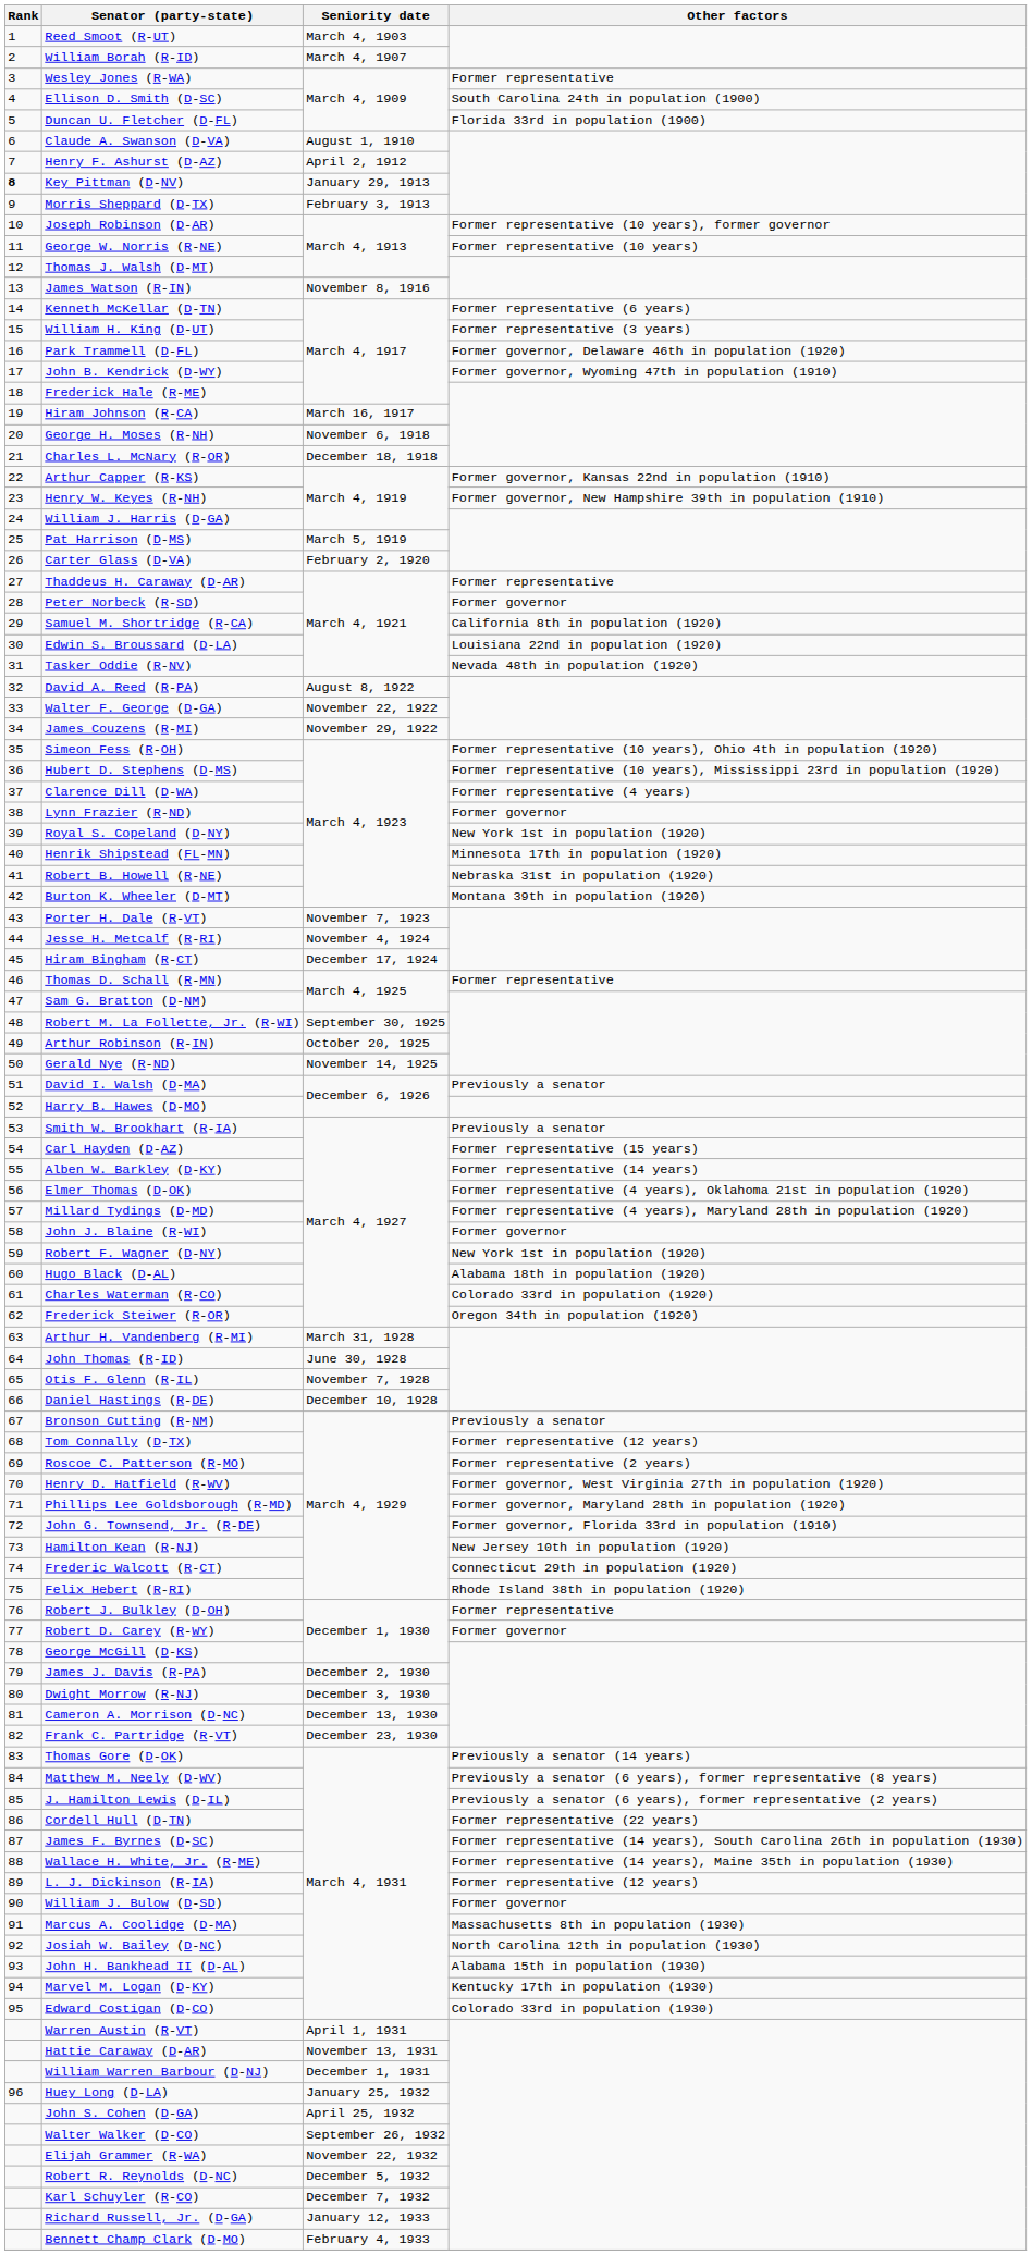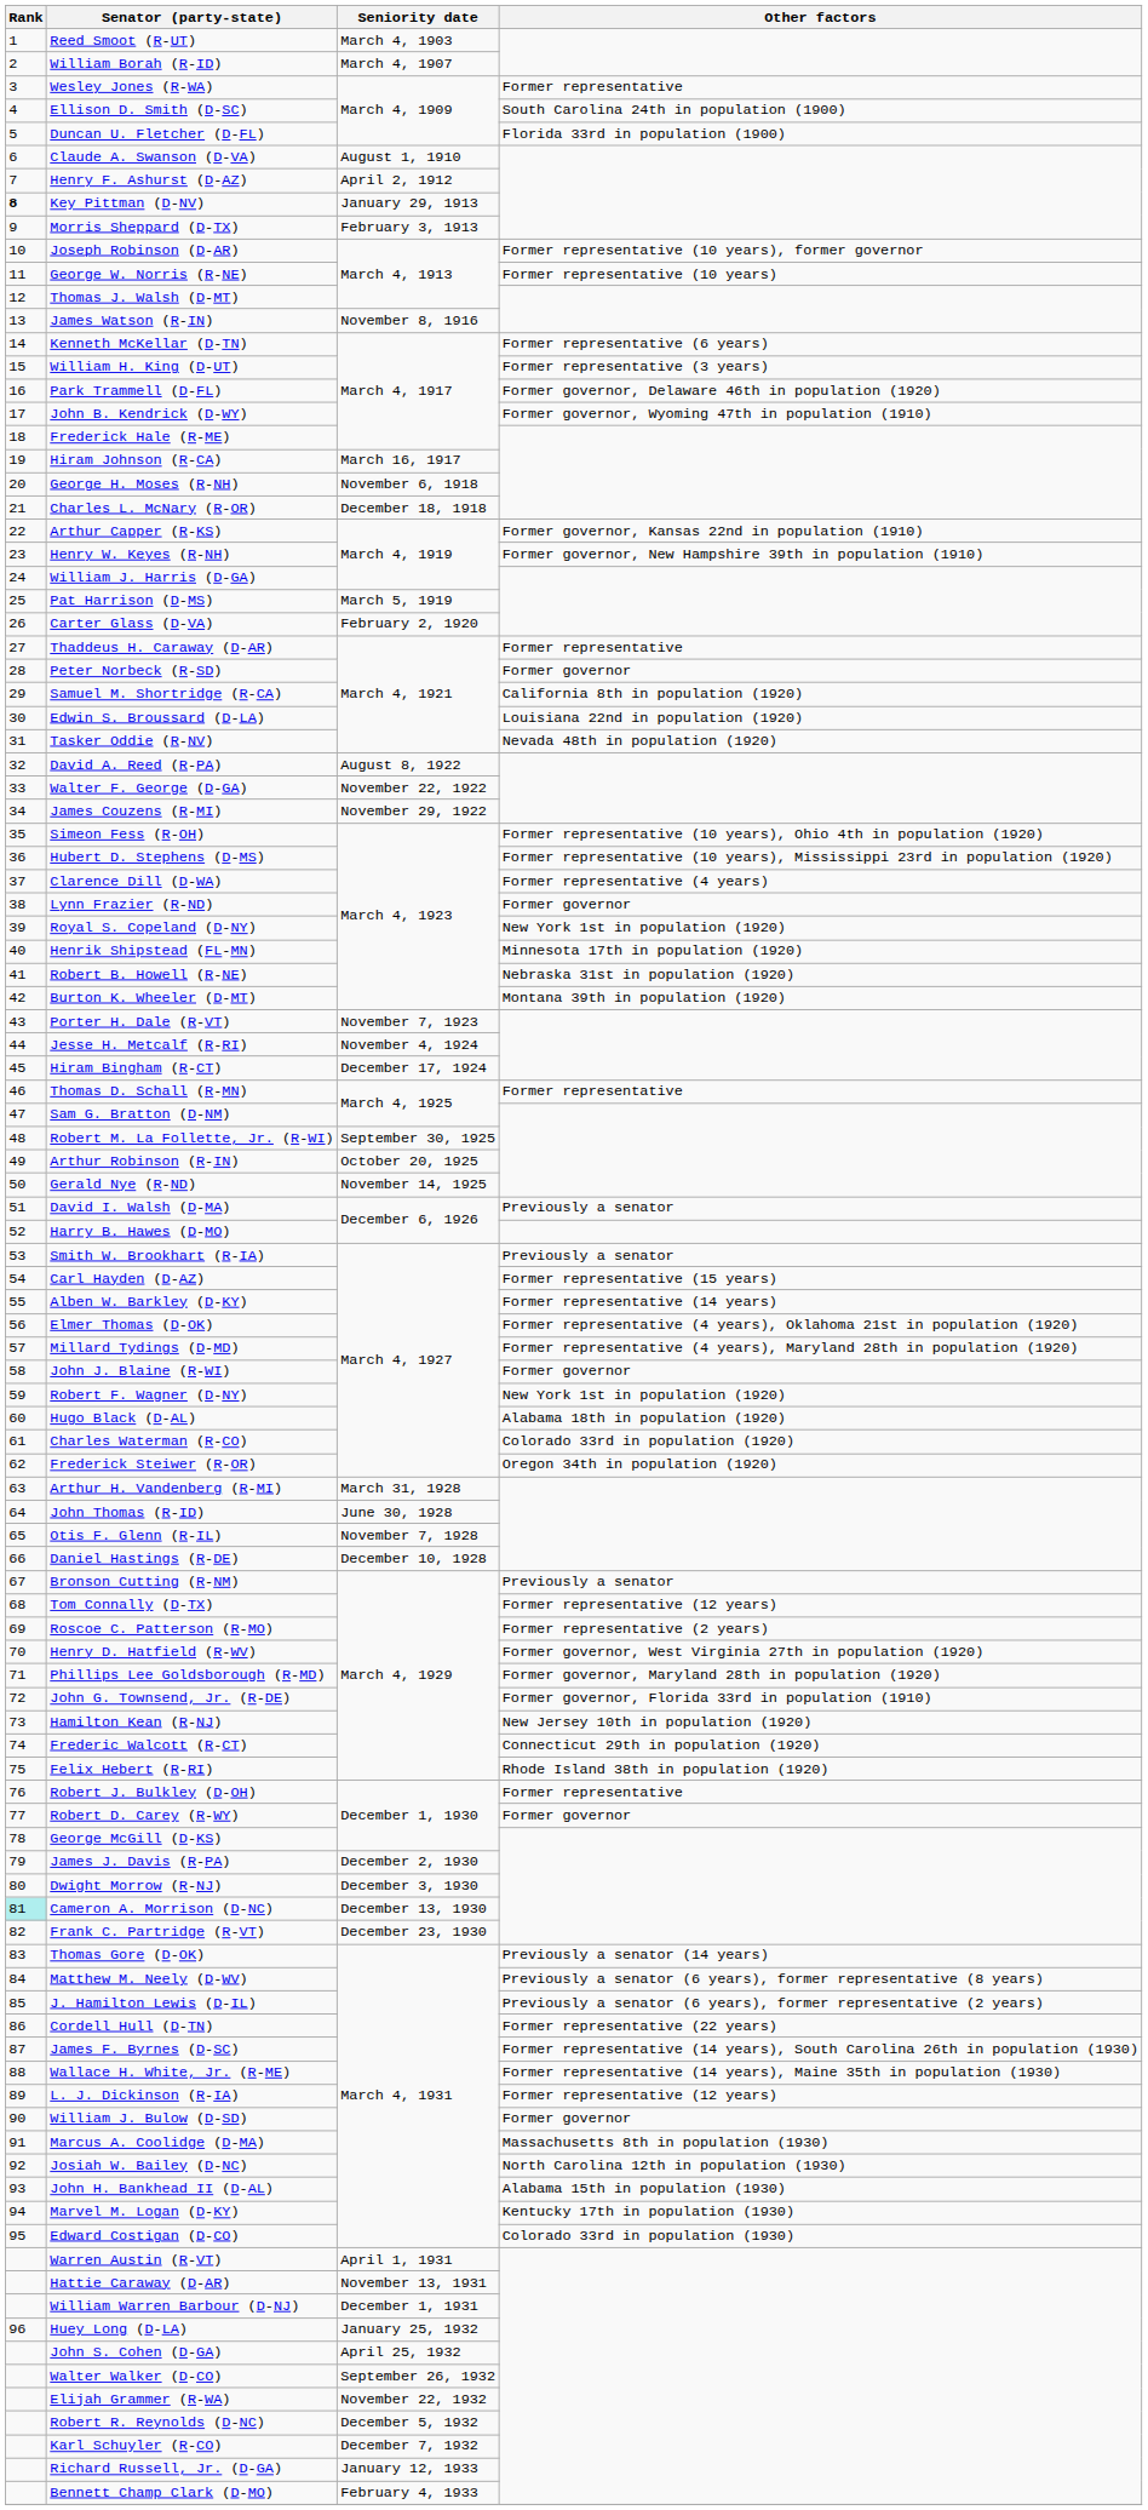 <table class=wikitable>
 <tr valign=bottom>
 <th>Rank</th>
 <th>Senator (party-state)</th>
 <th>Seniority date</th>
 <th>Other factors</th>
 </tr>
 <tr>
 <td>1</td>
 <td><a href='#'>Reed Smoot</a> (<a href='#'>R</a>-<a href='#'>UT</a>) </td>
 <td>March 4, 1903</td>
 <td rowspan=2></td>
 </tr>
 <tr>
 <td>2</td>
 <td><a href='#'>William Borah</a> (<a href='#'>R</a>-<a href='#'>ID</a>)</td>
 <td>March 4, 1907</td>
 </tr>
 <tr>
 <td>3</td>
 <td><a href='#'>Wesley Jones</a> (<a href='#'>R</a>-<a href='#'>WA</a>) </td>
 <td rowspan=3>March 4, 1909</td>
 <td>Former representative</td>
 </tr>
 <tr>
 <td>4</td>
 <td><a href='#'>Ellison D. Smith</a> (<a href='#'>D</a>-<a href='#'>SC</a>)</td>
 <td>South Carolina 24th in population (1900)</td>
 </tr>
 <tr>
 <td>5</td>
 <td><a href='#'>Duncan U. Fletcher</a> (<a href='#'>D</a>-<a href='#'>FL</a>)</td>
 <td>Florida 33rd in population (1900)</td>
 </tr>
 <tr>
 <td>6</td>
 <td><a href='#'>Claude A. Swanson</a> (<a href='#'>D</a>-<a href='#'>VA</a>) </td>
 <td>August 1, 1910</td>
 <td rowspan=4></td>
 </tr>
 <tr>
 <td>7</td>
 <td><a href='#'>Henry F. Ashurst</a> (<a href='#'>D</a>-<a href='#'>AZ</a>)</td>
 <td>April 2, 1912</td>
 </tr>
 <tr>
 <td><strong>8</strong></td>
 <td><a href='#'>Key Pittman</a> (<a href='#'>D</a>-<a href='#'>NV</a>)</td>
 <td>January 29, 1913</td>
 </tr>
 <tr>
 <td>9</td>
 <td><a href='#'>Morris Sheppard</a> (<a href='#'>D</a>-<a href='#'>TX</a>)</td>
 <td>February 3, 1913</td>
 </tr>
 <tr>
 <td>10</td>
 <td><a href='#'>Joseph Robinson</a> (<a href='#'>D</a>-<a href='#'>AR</a>)</td>
 <td rowspan=3>March 4, 1913</td>
 <td>Former representative (10 years), former governor</td>
 </tr>
 <tr>
 <td>11</td>
 <td><a href='#'>George W. Norris</a> (<a href='#'>R</a>-<a href='#'>NE</a>)</td>
 <td>Former representative (10 years)</td>
 </tr>
 <tr>
 <td>12</td>
 <td><a href='#'>Thomas J. Walsh</a> (<a href='#'>D</a>-<a href='#'>MT</a>) </td>
 <td rowspan=2></td>
 </tr>
 <tr>
 <td>13</td>
 <td><a href='#'>James Watson</a> (<a href='#'>R</a>-<a href='#'>IN</a>) </td>
 <td>November 8, 1916</td>
 </tr>
 <tr>
 <td>14</td>
 <td><a href='#'>Kenneth McKellar</a> (<a href='#'>D</a>-<a href='#'>TN</a>)</td>
 <td rowspan=5>March 4, 1917</td>
 <td>Former representative (6 years)</td>
 </tr>
 <tr>
 <td>15</td>
 <td><a href='#'>William H. King</a> (<a href='#'>D</a>-<a href='#'>UT</a>)</td>
 <td>Former representative (3 years)</td>
 </tr>
 <tr>
 <td>16</td>
 <td><a href='#'>Park Trammell</a> (<a href='#'>D</a>-<a href='#'>FL</a>)</td>
 <td>Former governor, Delaware 46th in population (1920)</td>
 </tr>
 <tr>
 <td>17</td>
 <td><a href='#'>John B. Kendrick</a> (<a href='#'>D</a>-<a href='#'>WY</a>)</td>
 <td>Former governor, Wyoming 47th in population (1910)</td>
 </tr>
 <tr>
 <td>18</td>
 <td><a href='#'>Frederick Hale</a> (<a href='#'>R</a>-<a href='#'>ME</a>)</td>
 <td rowspan=4></td>
 </tr>
 <tr>
 <td>19</td>
 <td><a href='#'>Hiram Johnson</a> (<a href='#'>R</a>-<a href='#'>CA</a>)</td>
 <td>March 16, 1917</td>
 </tr>
 <tr>
 <td>20</td>
 <td><a href='#'>George H. Moses</a> (<a href='#'>R</a>-<a href='#'>NH</a>) </td>
 <td>November 6, 1918</td>
 </tr>
 <tr>
 <td>21</td>
 <td><a href='#'>Charles L. McNary</a> (<a href='#'>R</a>-<a href='#'>OR</a>)</td>
 <td>December 18, 1918</td>
 </tr>
 <tr>
 <td>22</td>
 <td><a href='#'>Arthur Capper</a> (<a href='#'>R</a>-<a href='#'>KS</a>)</td>
 <td rowspan=3>March 4, 1919</td>
 <td>Former governor, Kansas 22nd in population (1910)</td>
 </tr>
 <tr>
 <td>23</td>
 <td><a href='#'>Henry W. Keyes</a> (<a href='#'>R</a>-<a href='#'>NH</a>)</td>
 <td>Former governor, New Hampshire 39th in population (1910)</td>
 </tr>
 <tr>
 <td>24</td>
 <td><a href='#'>William J. Harris</a> (<a href='#'>D</a>-<a href='#'>GA</a>) </td>
 <td rowspan=3></td>
 </tr>
 <tr>
 <td>25</td>
 <td><a href='#'>Pat Harrison</a> (<a href='#'>D</a>-<a href='#'>MS</a>)</td>
 <td>March 5, 1919</td>
 </tr>
 <tr>
 <td>26</td>
 <td><a href='#'>Carter Glass</a> (<a href='#'>D</a>-<a href='#'>VA</a>)</td>
 <td>February 2, 1920</td>
 </tr>
 <tr>
 <td>27</td>
 <td><a href='#'>Thaddeus H. Caraway</a> (<a href='#'>D</a>-<a href='#'>AR</a>) </td>
 <td rowspan=5>March 4, 1921</td>
 <td>Former representative</td>
 </tr>
 <tr>
 <td>28</td>
 <td><a href='#'>Peter Norbeck</a> (<a href='#'>R</a>-<a href='#'>SD</a>)</td>
 <td>Former governor</td>
 </tr>
 <tr>
 <td>29</td>
 <td><a href='#'>Samuel M. Shortridge</a> (<a href='#'>R</a>-<a href='#'>CA</a>) </td>
 <td>California 8th in population (1920)</td>
 </tr>
 <tr>
 <td>30</td>
 <td><a href='#'>Edwin S. Broussard</a> (<a href='#'>D</a>-<a href='#'>LA</a>) </td>
 <td>Louisiana 22nd in population (1920)</td>
 </tr>
 <tr>
 <td>31</td>
 <td><a href='#'>Tasker Oddie</a> (<a href='#'>R</a>-<a href='#'>NV</a>) </td>
 <td>Nevada 48th in population (1920)</td>
 </tr>
 <tr>
 <td>32</td>
 <td><a href='#'>David A. Reed</a> (<a href='#'>R</a>-<a href='#'>PA</a>)</td>
 <td>August 8, 1922</td>
 <td rowspan=3></td>
 </tr>
 <tr>
 <td>33</td>
 <td><a href='#'>Walter F. George</a> (<a href='#'>D</a>-<a href='#'>GA</a>)</td>
 <td>November 22, 1922</td>
 </tr>
 <tr>
 <td>34</td>
 <td><a href='#'>James Couzens</a> (<a href='#'>R</a>-<a href='#'>MI</a>)</td>
 <td>November 29, 1922</td>
 </tr>
 <tr>
 <td>35</td>
 <td><a href='#'>Simeon Fess</a> (<a href='#'>R</a>-<a href='#'>OH</a>)</td>
 <td rowspan=8>March 4, 1923</td>
 <td>Former representative (10 years), Ohio 4th in population (1920)</td>
 </tr>
 <tr>
 <td>36</td>
 <td><a href='#'>Hubert D. Stephens</a> (<a href='#'>D</a>-<a href='#'>MS</a>)</td>
 <td>Former representative (10 years), Mississippi 23rd in population (1920)</td>
 </tr>
 <tr>
 <td>37</td>
 <td><a href='#'>Clarence Dill</a> (<a href='#'>D</a>-<a href='#'>WA</a>)</td>
 <td>Former representative (4 years)</td>
 </tr>
 <tr>
 <td>38</td>
 <td><a href='#'>Lynn Frazier</a> (<a href='#'>R</a>-<a href='#'>ND</a>)</td>
 <td>Former governor</td>
 </tr>
 <tr>
 <td>39</td>
 <td><a href='#'>Royal S. Copeland</a> (<a href='#'>D</a>-<a href='#'>NY</a>)</td>
 <td>New York 1st in population (1920)</td>
 </tr>
 <tr>
 <td>40</td>
 <td><a href='#'>Henrik Shipstead</a> (<a href='#'>FL</a>-<a href='#'>MN</a>)</td>
 <td>Minnesota 17th in population (1920)</td>
 </tr>
 <tr>
 <td>41</td>
 <td><a href='#'>Robert B. Howell</a> (<a href='#'>R</a>-<a href='#'>NE</a>)</td>
 <td>Nebraska 31st in population (1920)</td>
 </tr>
 <tr>
 <td>42</td>
 <td><a href='#'>Burton K. Wheeler</a> (<a href='#'>D</a>-<a href='#'>MT</a>)</td>
 <td>Montana 39th in population (1920)</td>
 </tr>
 <tr>
 <td>43</td>
 <td><a href='#'>Porter H. Dale</a> (<a href='#'>R</a>-<a href='#'>VT</a>)</td>
 <td>November 7, 1923</td>
 <td rowspan=3></td>
 </tr>
 <tr>
 <td>44</td>
 <td><a href='#'>Jesse H. Metcalf</a> (<a href='#'>R</a>-<a href='#'>RI</a>)</td>
 <td>November 4, 1924</td>
 </tr>
 <tr>
 <td>45</td>
 <td><a href='#'>Hiram Bingham</a> (<a href='#'>R</a>-<a href='#'>CT</a>) </td>
 <td>December 17, 1924</td>
 </tr>
 <tr>
 <td>46</td>
 <td><a href='#'>Thomas D. Schall</a> (<a href='#'>R</a>-<a href='#'>MN</a>)</td>
 <td rowspan=2>March 4, 1925</td>
 <td>Former representative</td>
 </tr>
 <tr>
 <td>47</td>
 <td><a href='#'>Sam G. Bratton</a> (<a href='#'>D</a>-<a href='#'>NM</a>)</td>
 <td rowspan=4></td>
 </tr>
 <tr>
 <td>48</td>
 <td><a href='#'>Robert M. La Follette, Jr.</a> (<a href='#'>R</a>-<a href='#'>WI</a>)</td>
 <td>September 30, 1925</td>
 </tr>
 <tr>
 <td>49</td>
 <td><a href='#'>Arthur Robinson</a> (<a href='#'>R</a>-<a href='#'>IN</a>)</td>
 <td>October 20, 1925</td>
 </tr>
 <tr>
 <td>50</td>
 <td><a href='#'>Gerald Nye</a> (<a href='#'>R</a>-<a href='#'>ND</a>)</td>
 <td>November 14, 1925</td>
 </tr>
 <tr>
 <td>51</td>
 <td><a href='#'>David I. Walsh</a> (<a href='#'>D</a>-<a href='#'>MA</a>)</td>
 <td rowspan=2>December 6, 1926</td>
 <td>Previously a senator</td>
 </tr>
 <tr>
 <td>52</td>
 <td><a href='#'>Harry B. Hawes</a> (<a href='#'>D</a>-<a href='#'>MO</a>) </td>
 </tr>
 <tr>
 <td>53</td>
 <td><a href='#'>Smith W. Brookhart</a> (<a href='#'>R</a>-<a href='#'>IA</a>) </td>
 <td rowspan=10>March 4, 1927</td>
 <td>Previously a senator</td>
 </tr>
 <tr>
 <td>54</td>
 <td><a href='#'>Carl Hayden</a> (<a href='#'>D</a>-<a href='#'>AZ</a>)</td>
 <td>Former representative (15 years)</td>
 </tr>
 <tr>
 <td>55</td>
 <td><a href='#'>Alben W. Barkley</a> (<a href='#'>D</a>-<a href='#'>KY</a>)</td>
 <td>Former representative (14 years)</td>
 </tr>
 <tr>
 <td>56</td>
 <td><a href='#'>Elmer Thomas</a> (<a href='#'>D</a>-<a href='#'>OK</a>)</td>
 <td>Former representative (4 years), Oklahoma 21st in population (1920)</td>
 </tr>
 <tr>
 <td>57</td>
 <td><a href='#'>Millard Tydings</a> (<a href='#'>D</a>-<a href='#'>MD</a>)</td>
 <td>Former representative (4 years), Maryland 28th in population (1920)</td>
 </tr>
 <tr>
 <td>58</td>
 <td><a href='#'>John J. Blaine</a> (<a href='#'>R</a>-<a href='#'>WI</a>)  </td>
 <td>Former governor</td>
 </tr>
 <tr>
 <td>59</td>
 <td><a href='#'>Robert F. Wagner</a> (<a href='#'>D</a>-<a href='#'>NY</a>)</td>
 <td>New York 1st in population (1920)</td>
 </tr>
 <tr>
 <td>60</td>
 <td><a href='#'>Hugo Black</a> (<a href='#'>D</a>-<a href='#'>AL</a>)</td>
 <td>Alabama 18th in population (1920)</td>
 </tr>
 <tr>
 <td>61</td>
 <td><a href='#'>Charles Waterman</a> (<a href='#'>R</a>-<a href='#'>CO</a>) </td>
 <td>Colorado 33rd in population (1920)</td>
 </tr>
 <tr>
 <td>62</td>
 <td><a href='#'>Frederick Steiwer</a> (<a href='#'>R</a>-<a href='#'>OR</a>)</td>
 <td>Oregon 34th in population (1920)</td>
 </tr>
 <tr>
 <td>63</td>
 <td><a href='#'>Arthur H. Vandenberg</a> (<a href='#'>R</a>-<a href='#'>MI</a>)</td>
 <td>March 31, 1928</td>
 <td rowspan=4></td>
 </tr>
 <tr>
 <td>64</td>
 <td><a href='#'>John Thomas</a> (<a href='#'>R</a>-<a href='#'>ID</a>) </td>
 <td>June 30, 1928</td>
 </tr>
 <tr>
 <td>65</td>
 <td><a href='#'>Otis F. Glenn</a> (<a href='#'>R</a>-<a href='#'>IL</a>) </td>
 <td>November 7, 1928</td>
 </tr>
 <tr>
 <td>66</td>
 <td><a href='#'>Daniel Hastings</a> (<a href='#'>R</a>-<a href='#'>DE</a>)</td>
 <td>December 10, 1928</td>
 </tr>
 <tr>
 <td>67</td>
 <td><a href='#'>Bronson Cutting</a> (<a href='#'>R</a>-<a href='#'>NM</a>)</td>
 <td rowspan=9>March 4, 1929</td>
 <td>Previously a senator</td>
 </tr>
 <tr>
 <td>68</td>
 <td><a href='#'>Tom Connally</a> (<a href='#'>D</a>-<a href='#'>TX</a>)</td>
 <td>Former representative (12 years)</td>
 </tr>
 <tr>
 <td>69</td>
 <td><a href='#'>Roscoe C. Patterson</a> (<a href='#'>R</a>-<a href='#'>MO</a>)</td>
 <td>Former representative (2 years)</td>
 </tr>
 <tr>
 <td>70</td>
 <td><a href='#'>Henry D. Hatfield</a> (<a href='#'>R</a>-<a href='#'>WV</a>)</td>
 <td>Former governor, West Virginia 27th in population (1920)</td>
 </tr>
 <tr>
 <td>71</td>
 <td><a href='#'>Phillips Lee Goldsborough</a> (<a href='#'>R</a>-<a href='#'>MD</a>)</td>
 <td>Former governor, Maryland 28th in population (1920)</td>
 </tr>
 <tr>
 <td>72</td>
 <td><a href='#'>John G. Townsend, Jr.</a> (<a href='#'>R</a>-<a href='#'>DE</a>)</td>
 <td>Former governor, Florida 33rd in population (1910)</td>
 </tr>
 <tr>
 <td>73</td>
 <td><a href='#'>Hamilton Kean</a> (<a href='#'>R</a>-<a href='#'>NJ</a>)</td>
 <td>New Jersey 10th in population (1920)</td>
 </tr>
 <tr>
 <td>74</td>
 <td><a href='#'>Frederic Walcott</a> (<a href='#'>R</a>-<a href='#'>CT</a>)</td>
 <td>Connecticut 29th in population (1920)</td>
 </tr>
 <tr>
 <td>75</td>
 <td><a href='#'>Felix Hebert</a> (<a href='#'>R</a>-<a href='#'>RI</a>)</td>
 <td>Rhode Island 38th in population (1920)</td>
 </tr>
 <tr>
 <td>76</td>
 <td><a href='#'>Robert J. Bulkley</a> (<a href='#'>D</a>-<a href='#'>OH</a>)</td>
 <td rowspan=3>December 1, 1930</td>
 <td>Former representative</td>
 </tr>
 <tr>
 <td>77</td>
 <td><a href='#'>Robert D. Carey</a> (<a href='#'>R</a>-<a href='#'>WY</a>)</td>
 <td>Former governor</td>
 </tr>
 <tr>
 <td>78</td>
 <td><a href='#'>George McGill</a> (<a href='#'>D</a>-<a href='#'>KS</a>)</td>
 <td rowspan=5></td>
 </tr>
 <tr>
 <td>79</td>
 <td><a href='#'>James J. Davis</a> (<a href='#'>R</a>-<a href='#'>PA</a>)</td>
 <td>December 2, 1930</td>
 </tr>
 <tr>
 <td>80</td>
 <td><a href='#'>Dwight Morrow</a> (<a href='#'>R</a>-<a href='#'>NJ</a>) </td>
 <td>December 3, 1930</td>
 </tr>
 <tr>
-<td>81</td>
+<td style="background: paleturquoise;">81</td>
 <td><a href='#'>Cameron A. Morrison</a> (<a href='#'>D</a>-<a href='#'>NC</a>) </td>
 <td>December 13, 1930</td>
 </tr>
 <tr>
 <td>82</td>
 <td><a href='#'>Frank C. Partridge</a> (<a href='#'>R</a>-<a href='#'>VT</a>) </td>
 <td>December 23, 1930</td>
 </tr>
 <tr>
 <td>83</td>
 <td><a href='#'>Thomas Gore</a> (<a href='#'>D</a>-<a href='#'>OK</a>)</td>
 <td rowspan=13>March 4, 1931</td>
 <td>Previously a senator (14 years)</td>
 </tr>
 <tr>
 <td>84</td>
 <td><a href='#'>Matthew M. Neely</a> (<a href='#'>D</a>-<a href='#'>WV</a>)</td>
 <td>Previously a senator (6 years), former representative (8 years)</td>
 </tr>
 <tr>
 <td>85</td>
 <td><a href='#'>J. Hamilton Lewis</a> (<a href='#'>D</a>-<a href='#'>IL</a>)</td>
 <td>Previously a senator (6 years), former representative (2 years)</td>
 </tr>
 <tr>
 <td>86</td>
 <td><a href='#'>Cordell Hull</a> (<a href='#'>D</a>-<a href='#'>TN</a>) </td>
 <td>Former representative (22 years)</td>
 </tr>
 <tr>
 <td>87</td>
 <td><a href='#'>James F. Byrnes</a> (<a href='#'>D</a>-<a href='#'>SC</a>)</td>
 <td>Former representative (14 years), South Carolina 26th in population (1930)</td>
 </tr>
 <tr>
 <td>88</td>
 <td><a href='#'>Wallace H. White, Jr.</a> (<a href='#'>R</a>-<a href='#'>ME</a>)</td>
 <td>Former representative (14 years), Maine 35th in population (1930)</td>
 </tr>
 <tr>
 <td>89</td>
 <td><a href='#'>L. J. Dickinson</a> (<a href='#'>R</a>-<a href='#'>IA</a>)</td>
 <td>Former representative (12 years)</td>
 </tr>
 <tr>
 <td>90</td>
 <td><a href='#'>William J. Bulow</a> (<a href='#'>D</a>-<a href='#'>SD</a>)</td>
 <td>Former governor</td>
 </tr>
 <tr>
 <td>91</td>
 <td><a href='#'>Marcus A. Coolidge</a> (<a href='#'>D</a>-<a href='#'>MA</a>)</td>
 <td>Massachusetts 8th in population (1930)</td>
 </tr>
 <tr>
 <td>92</td>
 <td><a href='#'>Josiah W. Bailey</a> (<a href='#'>D</a>-<a href='#'>NC</a>)</td>
 <td>North Carolina 12th in population (1930)</td>
 </tr>
 <tr>
 <td>93</td>
 <td><a href='#'>John H. Bankhead II</a> (<a href='#'>D</a>-<a href='#'>AL</a>)</td>
 <td>Alabama 15th in population (1930)</td>
 </tr>
 <tr>
 <td>94</td>
 <td><a href='#'>Marvel M. Logan</a> (<a href='#'>D</a>-<a href='#'>KY</a>)</td>
 <td>Kentucky 17th in population (1930)</td>
 </tr>
 <tr>
 <td>95</td>
 <td><a href='#'>Edward Costigan</a> (<a href='#'>D</a>-<a href='#'>CO</a>)</td>
 <td>Colorado 33rd in population (1930)</td>
 </tr>
 <tr>
 <td></td>
 <td><a href='#'>Warren Austin</a> (<a href='#'>R</a>-<a href='#'>VT</a>)</td>
 <td>April 1, 1931</td>
 <td rowspan=11></td>
 </tr>
 <tr>
 <td></td>
 <td><a href='#'>Hattie Caraway</a> (<a href='#'>D</a>-<a href='#'>AR</a>)</td>
 <td>November 13, 1931</td>
 </tr>
 <tr>
 <td></td>
 <td><a href='#'>William Warren Barbour</a> (<a href='#'>D</a>-<a href='#'>NJ</a>)</td>
 <td>December 1, 1931</td>
 </tr>
 <tr>
 <td>96</td>
 <td><a href='#'>Huey Long</a> (<a href='#'>D</a>-<a href='#'>LA</a>)</td>
 <td>January 25, 1932</td>
 </tr>
 <tr>
 <td></td>
 <td><a href='#'>John S. Cohen</a> (<a href='#'>D</a>-<a href='#'>GA</a>) </td>
 <td>April 25, 1932</td>
 </tr>
 <tr>
 <td></td>
 <td><a href='#'>Walter Walker</a> (<a href='#'>D</a>-<a href='#'>CO</a>) </td>
 <td>September 26, 1932</td>
 </tr>
 <tr>
 <td></td>
 <td><a href='#'>Elijah Grammer</a> (<a href='#'>R</a>-<a href='#'>WA</a>) </td>
 <td>November 22, 1932</td>
 </tr>
 <tr>
 <td></td>
 <td><a href='#'>Robert R. Reynolds</a> (<a href='#'>D</a>-<a href='#'>NC</a>)</td>
 <td>December 5, 1932</td>
 </tr>
 <tr>
 <td></td>
 <td><a href='#'>Karl Schuyler</a> (<a href='#'>R</a>-<a href='#'>CO</a>)</td>
 <td>December 7, 1932</td>
 </tr>
 <tr>
 <td></td>
 <td><a href='#'>Richard Russell, Jr.</a> (<a href='#'>D</a>-<a href='#'>GA</a>)</td>
 <td>January 12, 1933</td>
 </tr>
 <tr>
 <td></td>
 <td><a href='#'>Bennett Champ Clark</a> (<a href='#'>D</a>-<a href='#'>MO</a>)</td>
 <td>February 4, 1933</td>
 </tr>
 <tr>
 </tr>
 </table>
